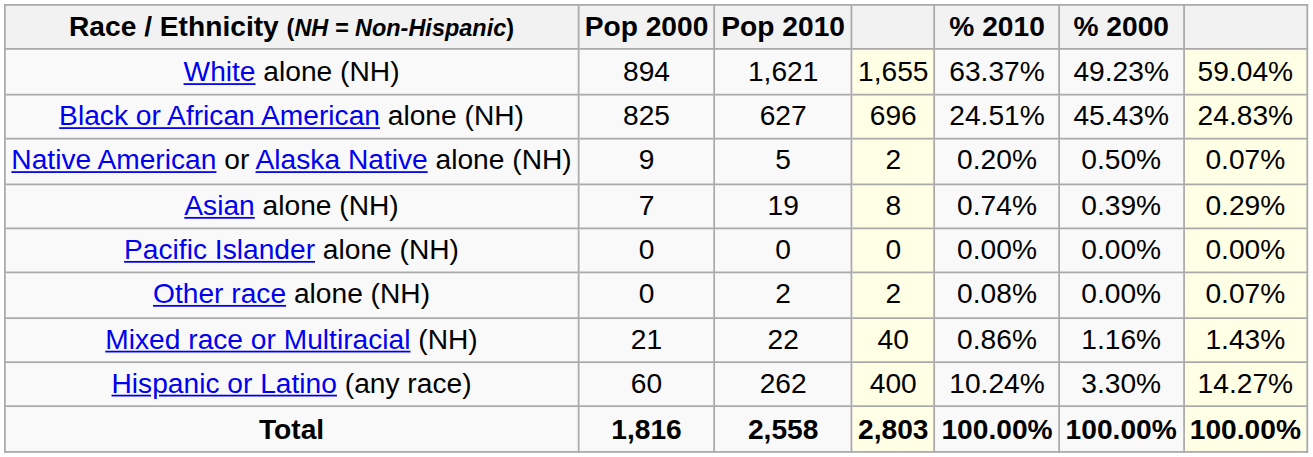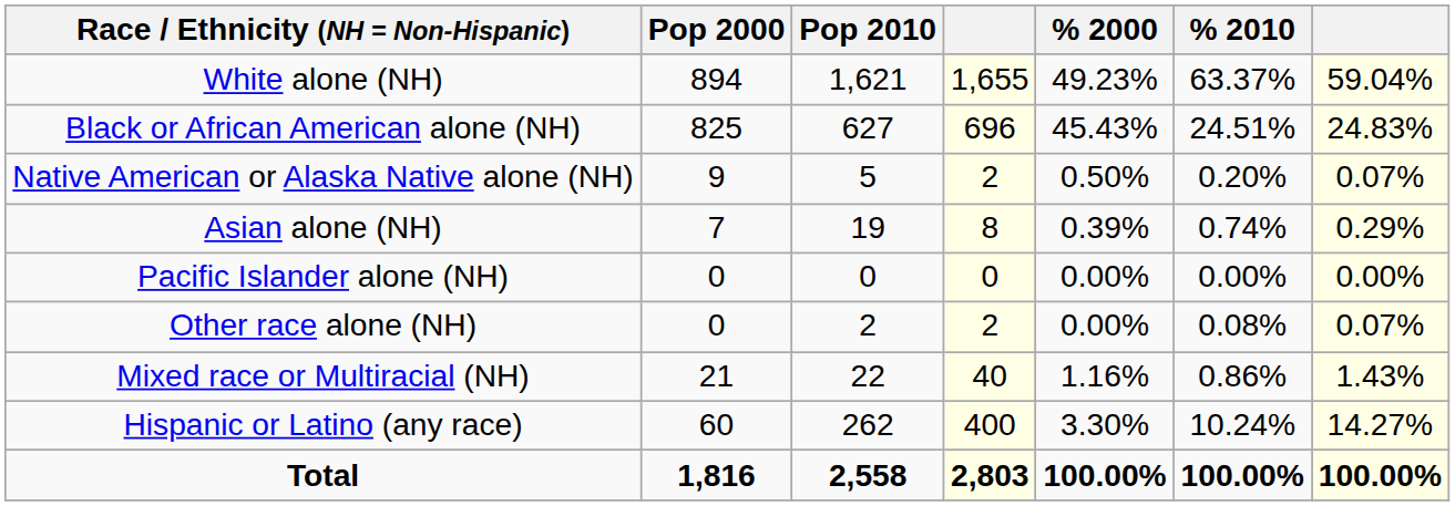 <table class="wikitable" style="text-align:center;">
 <tr>
 <th>Race / Ethnicity <small>(<em>NH = Non-Hispanic</em>)</small></th>
 <th>Pop 2000</th>
 <th>Pop 2010</th>
 <th></th>
+<th>% 2000</th>
 <th>% 2010</th>
-<th>% 2000</th>
 <th></th>
 </tr>
 <tr>
 <td><a href='#'>White</a> alone (NH)</td>
 <td>894</td>
 <td>1,621</td>
 <td style='background: #ffffe6;'>1,655</td>
+<td>49.23%</td>
 <td>63.37%</td>
-<td>49.23%</td>
 <td style='background: #ffffe6;'>59.04%</td>
 </tr>
 <tr>
 <td><a href='#'>Black or African American</a> alone (NH)</td>
 <td>825</td>
 <td>627</td>
 <td style='background: #ffffe6;'>696</td>
+<td>45.43%</td>
 <td>24.51%</td>
-<td>45.43%</td>
 <td style='background: #ffffe6;'>24.83%</td>
 </tr>
 <tr>
 <td><a href='#'>Native American</a> or <a href='#'>Alaska Native</a> alone (NH)</td>
 <td>9</td>
 <td>5</td>
 <td style='background: #ffffe6;'>2</td>
+<td>0.50%</td>
 <td>0.20%</td>
-<td>0.50%</td>
 <td style='background: #ffffe6;'>0.07%</td>
 </tr>
 <tr>
 <td><a href='#'>Asian</a> alone (NH)</td>
 <td>7</td>
 <td>19</td>
 <td style='background: #ffffe6;'>8</td>
+<td>0.39%</td>
 <td>0.74%</td>
-<td>0.39%</td>
 <td style='background: #ffffe6;'>0.29%</td>
 </tr>
 <tr>
 <td><a href='#'>Pacific Islander</a> alone (NH)</td>
 <td>0</td>
 <td>0</td>
 <td style='background: #ffffe6;'>0</td>
 <td>0.00%</td>
 <td>0.00%</td>
 <td style='background: #ffffe6;'>0.00%</td>
 </tr>
 <tr>
 <td><a href='#'>Other race</a> alone (NH)</td>
 <td>0</td>
 <td>2</td>
 <td style='background: #ffffe6;'>2</td>
+<td>0.00%</td>
 <td>0.08%</td>
-<td>0.00%</td>
 <td style='background: #ffffe6;'>0.07%</td>
 </tr>
 <tr>
 <td><a href='#'>Mixed race or Multiracial</a> (NH)</td>
 <td>21</td>
 <td>22</td>
 <td style='background: #ffffe6;'>40</td>
+<td>1.16%</td>
 <td>0.86%</td>
-<td>1.16%</td>
 <td style='background: #ffffe6;'>1.43%</td>
 </tr>
 <tr>
 <td><a href='#'>Hispanic or Latino</a> (any race)</td>
 <td>60</td>
 <td>262</td>
 <td style='background: #ffffe6;'>400</td>
+<td>3.30%</td>
 <td>10.24%</td>
-<td>3.30%</td>
 <td style='background: #ffffe6;'>14.27%</td>
 </tr>
 <tr>
 <td><strong>Total</strong></td>
 <td><strong>1,816</strong></td>
 <td><strong>2,558</strong></td>
 <td style='background: #ffffe6;'><strong>2,803</strong></td>
 <td><strong>100.00%</strong></td>
 <td><strong>100.00%</strong></td>
 <td style='background: #ffffe6;'><strong>100.00%</strong></td>
 </tr>
 </table>
